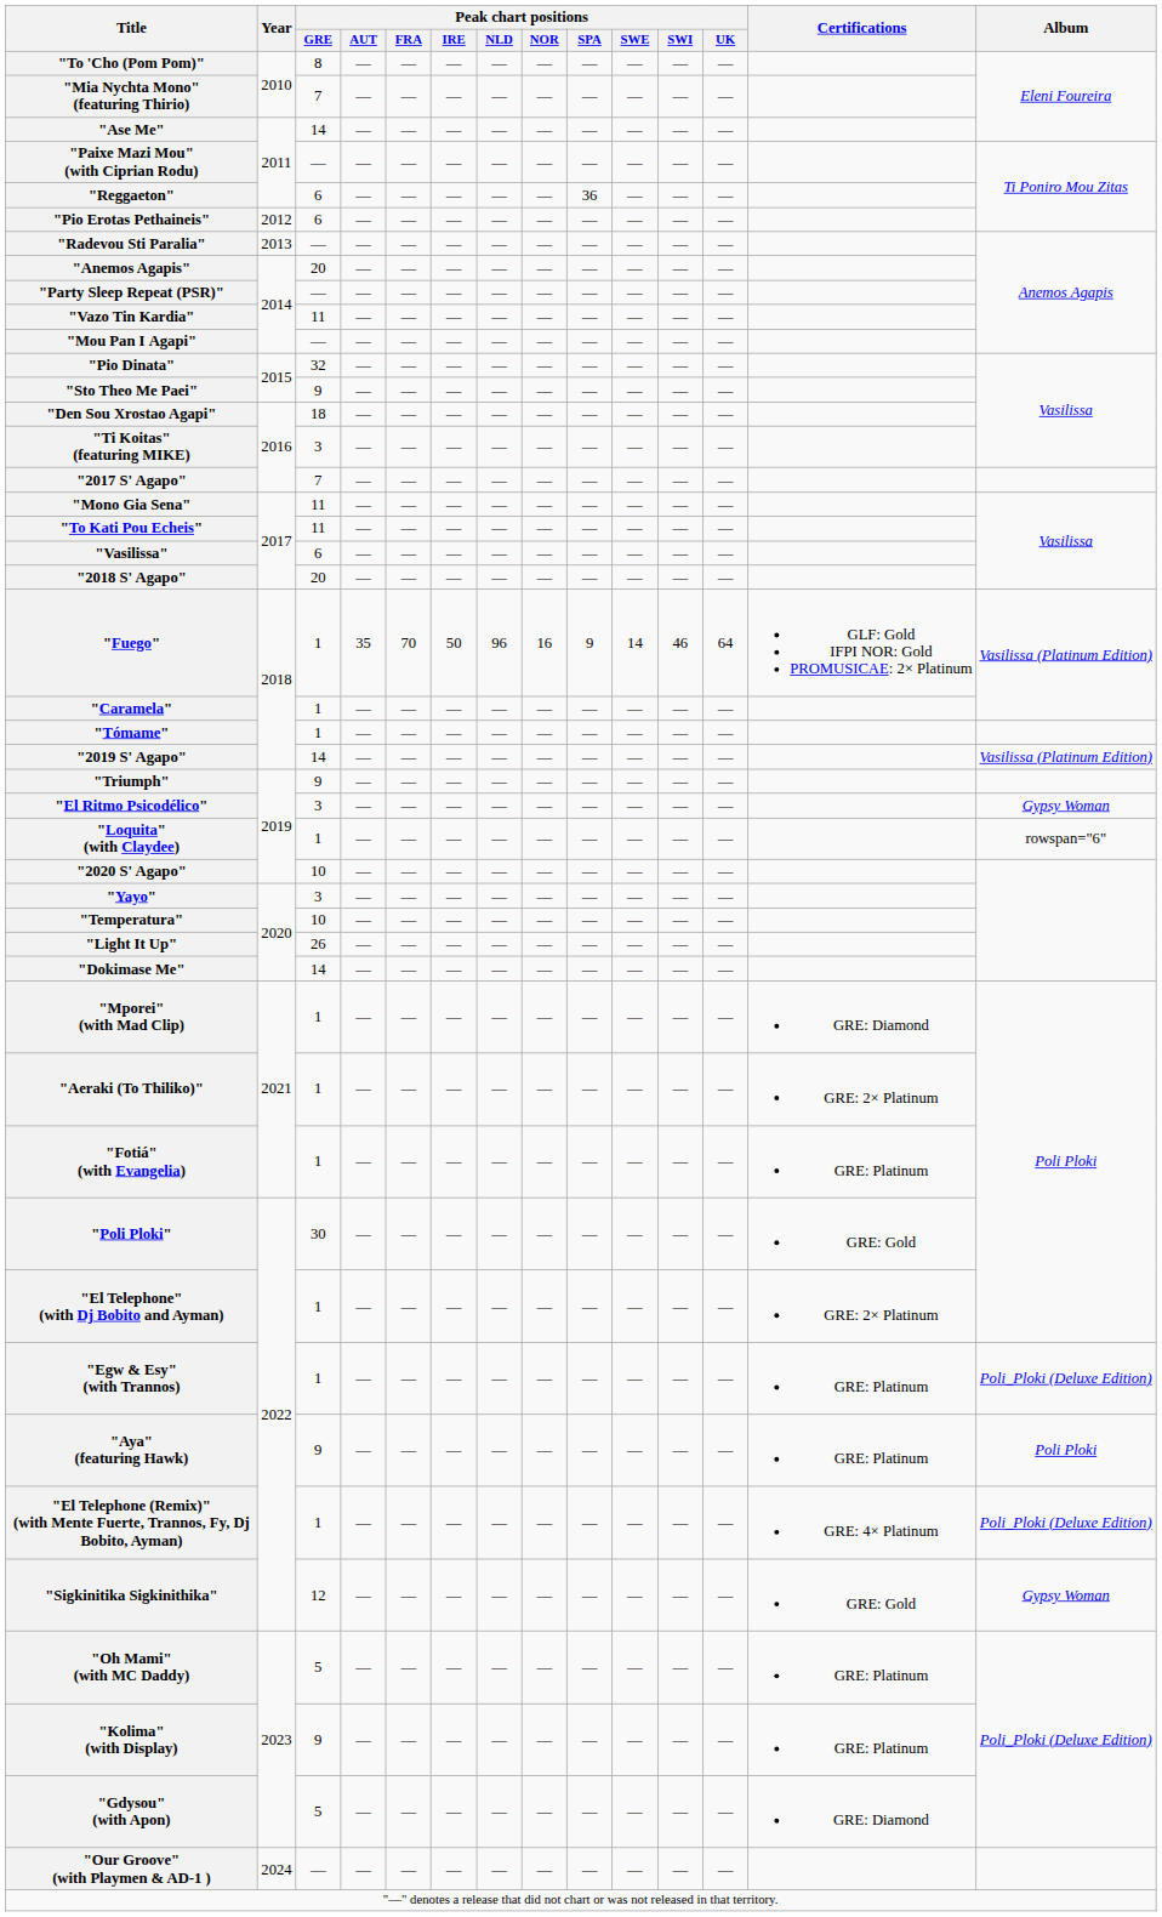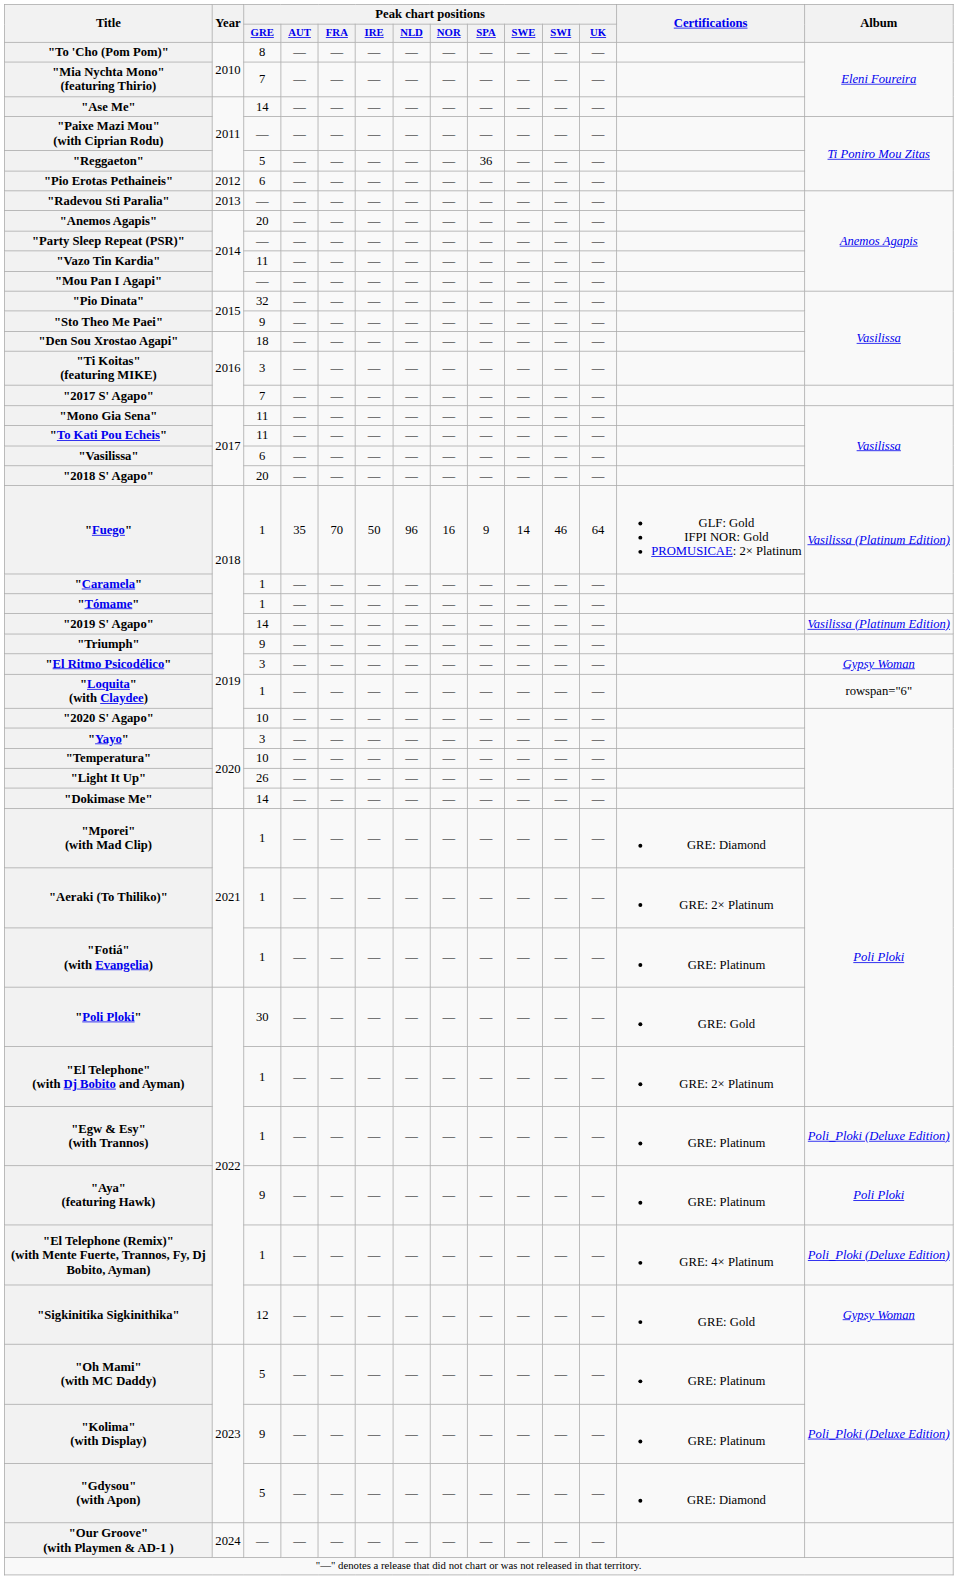 <table class="wikitable plainrowheaders" style="text-align:center;">
 <tr>
 <th scope="col" rowspan="2" style="width:16em;">Title</th>
 <th scope="col" rowspan="2" style="width:1em;">Year</th>
 <th scope="col" colspan="10">Peak chart positions</th>
 <th scope="col" rowspan="2"><a href='#'>Certifications</a></th>
 <th scope="col" rowspan="2">Album</th>
 </tr>
 <tr>
 <th scope="col" style="width:3em;font-size:85%;"><a href='#'>GRE</a><br></th>
 <th scope="col" style="width:3em;font-size:85%;"><a href='#'>AUT</a><br></th>
 <th scope="col" style="width:3em;font-size:85%;"><a href='#'>FRA</a><br></th>
 <th scope="col" style="width:3em;font-size:85%;"><a href='#'>IRE</a><br></th>
 <th scope="col" style="width:3em;font-size:85%;"><a href='#'>NLD</a><br></th>
 <th scope="col" style="width:3em;font-size:85%;"><a href='#'>NOR</a><br></th>
 <th scope="col" style="width:3em;font-size:85%;"><a href='#'>SPA</a><br></th>
 <th scope="col" style="width:3em;font-size:85%;"><a href='#'>SWE</a><br></th>
 <th scope="col" style="width:3em;font-size:85%;"><a href='#'>SWI</a><br></th>
 <th scope="col" style="width:3em;font-size:85%;"><a href='#'>UK</a><br></th>
 </tr>
 <tr>
 <th scope="row">"To 'Cho (Pom Pom)"</th>
 <td rowspan="2">2010</td>
 <td>8</td>
 <td>—</td>
 <td>—</td>
 <td>—</td>
 <td>—</td>
 <td>—</td>
 <td>—</td>
 <td>—</td>
 <td>—</td>
 <td>—</td>
 <td></td>
 <td rowspan="3"><em><a href='#'>Eleni Foureira</a></em></td>
 </tr>
 <tr>
 <th scope="row">"Mia Nychta Mono"<br><span>(featuring Thirio)</span></th>
 <td>7</td>
 <td>—</td>
 <td>—</td>
 <td>—</td>
 <td>—</td>
 <td>—</td>
 <td>—</td>
 <td>—</td>
 <td>—</td>
 <td>—</td>
 <td></td>
 </tr>
 <tr>
 <th scope="row">"Ase Me"</th>
 <td rowspan="3">2011</td>
 <td>14</td>
 <td>—</td>
 <td>—</td>
 <td>—</td>
 <td>—</td>
 <td>—</td>
 <td>—</td>
 <td>—</td>
 <td>—</td>
 <td>—</td>
 <td></td>
 </tr>
 <tr>
 <th scope="row">"Paixe Mazi Mou"<br><span>(with Ciprian Rodu)</span></th>
 <td>—</td>
 <td>—</td>
 <td>—</td>
 <td>—</td>
 <td>—</td>
 <td>—</td>
 <td>—</td>
 <td>—</td>
 <td>—</td>
 <td>—</td>
 <td></td>
 <td rowspan="3"><em><a href='#'>Ti Poniro Mou Zitas</a></em></td>
 </tr>
 <tr>
 <th scope="row">"Reggaeton"</th>
-<td>6</td>
+<td>5</td>
 <td>—</td>
 <td>—</td>
 <td>—</td>
 <td>—</td>
 <td>—</td>
 <td>36</td>
 <td>—</td>
 <td>—</td>
 <td>—</td>
 <td></td>
 </tr>
 <tr>
 <th scope="row">"Pio Erotas Pethaineis"</th>
 <td>2012</td>
 <td>6</td>
 <td>—</td>
 <td>—</td>
 <td>—</td>
 <td>—</td>
 <td>—</td>
 <td>—</td>
 <td>—</td>
 <td>—</td>
 <td>—</td>
 <td></td>
 </tr>
 <tr>
 <th scope="row">"Radevou Sti Paralia"</th>
 <td>2013</td>
 <td>—</td>
 <td>—</td>
 <td>—</td>
 <td>—</td>
 <td>—</td>
 <td>—</td>
 <td>—</td>
 <td>—</td>
 <td>—</td>
 <td>—</td>
 <td></td>
 <td rowspan="5"><em><a href='#'>Anemos Agapis</a></em></td>
 </tr>
 <tr>
 <th scope="row">"Anemos Agapis"</th>
 <td rowspan="4">2014</td>
 <td>20</td>
 <td>—</td>
 <td>—</td>
 <td>—</td>
 <td>—</td>
 <td>—</td>
 <td>—</td>
 <td>—</td>
 <td>—</td>
 <td>—</td>
 <td></td>
 </tr>
 <tr>
 <th scope="row">"Party Sleep Repeat (PSR)"</th>
 <td>—</td>
 <td>—</td>
 <td>—</td>
 <td>—</td>
 <td>—</td>
 <td>—</td>
 <td>—</td>
 <td>—</td>
 <td>—</td>
 <td>—</td>
 <td></td>
 </tr>
 <tr>
 <th scope="row">"Vazo Tin Kardia"</th>
 <td>11</td>
 <td>—</td>
 <td>—</td>
 <td>—</td>
 <td>—</td>
 <td>—</td>
 <td>—</td>
 <td>—</td>
 <td>—</td>
 <td>—</td>
 <td></td>
 </tr>
 <tr>
 <th scope="row">"Mou Pan Ι Agapi"</th>
 <td>—</td>
 <td>—</td>
 <td>—</td>
 <td>—</td>
 <td>—</td>
 <td>—</td>
 <td>—</td>
 <td>—</td>
 <td>—</td>
 <td>—</td>
 <td></td>
 </tr>
 <tr>
 <th scope="row">"Pio Dinata"</th>
 <td rowspan="2">2015</td>
 <td>32</td>
 <td>—</td>
 <td>—</td>
 <td>—</td>
 <td>—</td>
 <td>—</td>
 <td>—</td>
 <td>—</td>
 <td>—</td>
 <td>—</td>
 <td></td>
 <td rowspan="4"><em><a href='#'>Vasilissa</a></em></td>
 </tr>
 <tr>
 <th scope="row">"Sto Theo Me Paei"</th>
 <td>9</td>
 <td>—</td>
 <td>—</td>
 <td>—</td>
 <td>—</td>
 <td>—</td>
 <td>—</td>
 <td>—</td>
 <td>—</td>
 <td>—</td>
 <td></td>
 </tr>
 <tr>
 <th scope="row">"Den Sou Xrostao Agapi"</th>
 <td rowspan="3">2016</td>
 <td>18</td>
 <td>—</td>
 <td>—</td>
 <td>—</td>
 <td>—</td>
 <td>—</td>
 <td>—</td>
 <td>—</td>
 <td>—</td>
 <td>—</td>
 <td></td>
 </tr>
 <tr>
 <th scope="row">"Ti Koitas"<br><span>(featuring MIKE)</span></th>
 <td>3</td>
 <td>—</td>
 <td>—</td>
 <td>—</td>
 <td>—</td>
 <td>—</td>
 <td>—</td>
 <td>—</td>
 <td>—</td>
 <td>—</td>
 <td></td>
 </tr>
 <tr>
 <th scope="row">"2017 S' Agapo"</th>
 <td>7</td>
 <td>—</td>
 <td>—</td>
 <td>—</td>
 <td>—</td>
 <td>—</td>
 <td>—</td>
 <td>—</td>
 <td>—</td>
 <td>—</td>
 <td></td>
 <td></td>
 </tr>
 <tr>
 <th scope="row">"Mono Gia Sena"</th>
 <td rowspan="4">2017</td>
 <td>11</td>
 <td>—</td>
 <td>—</td>
 <td>—</td>
 <td>—</td>
 <td>—</td>
 <td>—</td>
 <td>—</td>
 <td>—</td>
 <td>—</td>
 <td></td>
 <td rowspan="4"><em><a href='#'>Vasilissa</a></em></td>
 </tr>
 <tr>
 <th scope="row">"<a href='#'>To Kati Pou Echeis</a>"</th>
 <td>11</td>
 <td>—</td>
 <td>—</td>
 <td>—</td>
 <td>—</td>
 <td>—</td>
 <td>—</td>
 <td>—</td>
 <td>—</td>
 <td>—</td>
 <td></td>
 </tr>
 <tr>
 <th scope="row">"Vasilissa"</th>
 <td>6</td>
 <td>—</td>
 <td>—</td>
 <td>—</td>
 <td>—</td>
 <td>—</td>
 <td>—</td>
 <td>—</td>
 <td>—</td>
 <td>—</td>
 <td></td>
 </tr>
 <tr>
 <th scope="row">"2018 S' Agapo"</th>
 <td>20</td>
 <td>—</td>
 <td>—</td>
 <td>—</td>
 <td>—</td>
 <td>—</td>
 <td>—</td>
 <td>—</td>
 <td>—</td>
 <td>—</td>
 <td></td>
 </tr>
 <tr>
 <th scope="row">"<a href='#'>Fuego</a>"</th>
 <td rowspan="4">2018</td>
 <td>1</td>
 <td>35</td>
 <td>70</td>
 <td>50</td>
 <td>96</td>
 <td>16</td>
 <td>9</td>
 <td>14</td>
 <td>46</td>
 <td>64</td>
 <td><br><ul><li>GLF: Gold</li><li>IFPI NOR: Gold</li><li><a href='#'>PROMUSICAE</a>: 2× Platinum</li></ul></td>
 <td rowspan="2"><em><a href='#'>Vasilissa (Platinum Edition)</a></em></td>
 </tr>
 <tr>
 <th scope="row">"<a href='#'>Caramela</a>"</th>
 <td>1</td>
 <td>—</td>
 <td>—</td>
 <td>—</td>
 <td>—</td>
 <td>—</td>
 <td>—</td>
 <td>—</td>
 <td>—</td>
 <td>—</td>
 <td></td>
 </tr>
 <tr>
 <th scope="row">"<a href='#'>Tómame</a>"</th>
 <td>1</td>
 <td>—</td>
 <td>—</td>
 <td>—</td>
 <td>—</td>
 <td>—</td>
 <td>—</td>
 <td>—</td>
 <td>—</td>
 <td>—</td>
 <td></td>
 <td></td>
 </tr>
 <tr>
 <th scope="row">"2019 S' Agapo"</th>
 <td>14</td>
 <td>—</td>
 <td>—</td>
 <td>—</td>
 <td>—</td>
 <td>—</td>
 <td>—</td>
 <td>—</td>
 <td>—</td>
 <td>—</td>
 <td></td>
 <td><em><a href='#'>Vasilissa (Platinum Edition)</a></em></td>
 </tr>
 <tr>
 <th scope="row">"Triumph"</th>
 <td rowspan="4">2019</td>
 <td>9</td>
 <td>—</td>
 <td>—</td>
 <td>—</td>
 <td>—</td>
 <td>—</td>
 <td>—</td>
 <td>—</td>
 <td>—</td>
 <td>—</td>
 <td></td>
 <td></td>
 </tr>
 <tr>
 <th scope="row">"<a href='#'>El Ritmo Psicodélico</a>"</th>
 <td>3</td>
 <td>—</td>
 <td>—</td>
 <td>—</td>
 <td>—</td>
 <td>—</td>
 <td>—</td>
 <td>—</td>
 <td>—</td>
 <td>—</td>
 <td></td>
 <td><em><a href='#'>Gypsy Woman</a></em></td>
 </tr>
 <tr>
 <th scope="row">"<a href='#'>Loquita</a>"<br><span>(with <a href='#'>Claydee</a>)</span></th>
 <td>1</td>
 <td>—</td>
 <td>—</td>
 <td>—</td>
 <td>—</td>
 <td>—</td>
 <td>—</td>
 <td>—</td>
 <td>—</td>
 <td>—</td>
 <td></td>
 <td>rowspan="6" </td>
 </tr>
 <tr>
 <th scope="row">"2020 S' Agapo"</th>
 <td>10</td>
 <td>—</td>
 <td>—</td>
 <td>—</td>
 <td>—</td>
 <td>—</td>
 <td>—</td>
 <td>—</td>
 <td>—</td>
 <td>—</td>
 <td></td>
 </tr>
 <tr>
 <th scope="row">"<a href='#'>Yayo</a>"</th>
 <td rowspan="4">2020</td>
 <td>3</td>
 <td>—</td>
 <td>—</td>
 <td>—</td>
 <td>—</td>
 <td>—</td>
 <td>—</td>
 <td>—</td>
 <td>—</td>
 <td>—</td>
 <td></td>
 </tr>
 <tr>
 <th scope="row">"Temperatura"</th>
 <td>10</td>
 <td>—</td>
 <td>—</td>
 <td>—</td>
 <td>—</td>
 <td>—</td>
 <td>—</td>
 <td>—</td>
 <td>—</td>
 <td>—</td>
 <td></td>
 </tr>
 <tr>
 <th scope="row">"Light It Up"</th>
 <td>26</td>
 <td>—</td>
 <td>—</td>
 <td>—</td>
 <td>—</td>
 <td>—</td>
 <td>—</td>
 <td>—</td>
 <td>—</td>
 <td>—</td>
 <td></td>
 </tr>
 <tr>
 <th scope="row">"Dokimase Me"</th>
 <td>14</td>
 <td>—</td>
 <td>—</td>
 <td>—</td>
 <td>—</td>
 <td>—</td>
 <td>—</td>
 <td>—</td>
 <td>—</td>
 <td>—</td>
 <td></td>
 </tr>
 <tr>
 <th scope="row">"Mporei"<br><span>(with Mad Clip)</span></th>
 <td rowspan="3">2021</td>
 <td>1</td>
 <td>—</td>
 <td>—</td>
 <td>—</td>
 <td>—</td>
 <td>—</td>
 <td>—</td>
 <td>—</td>
 <td>—</td>
 <td>—</td>
 <td><br><ul><li>GRE: Diamond</li></ul></td>
 <td rowspan="5"><em><a href='#'>Poli Ploki</a></em></td>
 </tr>
 <tr>
 <th scope="row">"Aeraki (To Thiliko)"</th>
 <td>1</td>
 <td>—</td>
 <td>—</td>
 <td>—</td>
 <td>—</td>
 <td>—</td>
 <td>—</td>
 <td>—</td>
 <td>—</td>
 <td>—</td>
 <td><br><ul><li>GRE: 2× Platinum</li></ul></td>
 </tr>
 <tr>
 <th scope="row">"Fotiá"<br><span>(with <a href='#'>Evangelia</a>)</span></th>
 <td>1</td>
 <td>—</td>
 <td>—</td>
 <td>—</td>
 <td>—</td>
 <td>—</td>
 <td>—</td>
 <td>—</td>
 <td>—</td>
 <td>—</td>
 <td><br><ul><li>GRE: Platinum</li></ul></td>
 </tr>
 <tr>
 <th scope="row">"<a href='#'>Poli Ploki</a>"</th>
 <td rowspan="6">2022</td>
 <td>30</td>
 <td>—</td>
 <td>—</td>
 <td>—</td>
 <td>—</td>
 <td>—</td>
 <td>—</td>
 <td>—</td>
 <td>—</td>
 <td>—</td>
 <td><br><ul><li>GRE: Gold</li></ul></td>
 </tr>
 <tr>
 <th scope="row">"El Telephone"<br><span>(with <a href='#'>Dj Bobito</a> and Ayman)</span></th>
 <td>1</td>
 <td>—</td>
 <td>—</td>
 <td>—</td>
 <td>—</td>
 <td>—</td>
 <td>—</td>
 <td>—</td>
 <td>—</td>
 <td>—</td>
 <td><br><ul><li>GRE: 2× Platinum</li></ul></td>
 </tr>
 <tr>
 <th scope="row">"Egw & Esy"<br><span>(with Trannos)</span></th>
 <td>1</td>
 <td>—</td>
 <td>—</td>
 <td>—</td>
 <td>—</td>
 <td>—</td>
 <td>—</td>
 <td>—</td>
 <td>—</td>
 <td>—</td>
 <td><br><ul><li>GRE: Platinum</li></ul></td>
 <td><em><a href='#'>Poli_Ploki (Deluxe Edition)</a></em></td>
 </tr>
 <tr>
 <th scope="row">"Aya"<br><span>(featuring Hawk)</span></th>
 <td>9</td>
 <td>—</td>
 <td>—</td>
 <td>—</td>
 <td>—</td>
 <td>—</td>
 <td>—</td>
 <td>—</td>
 <td>—</td>
 <td>—</td>
 <td><br><ul><li>GRE: Platinum</li></ul></td>
 <td><em><a href='#'>Poli Ploki</a></em></td>
 </tr>
 <tr>
 <th scope="row">"El Telephone (Remix)"<br><span>(with Mente Fuerte, Trannos, Fy, Dj Bobito, Ayman)</span></th>
 <td>1</td>
 <td>—</td>
 <td>—</td>
 <td>—</td>
 <td>—</td>
 <td>—</td>
 <td>—</td>
 <td>—</td>
 <td>—</td>
 <td>—</td>
 <td><br><ul><li>GRE: 4× Platinum</li></ul></td>
 <td><em><a href='#'>Poli_Ploki (Deluxe Edition)</a></em></td>
 </tr>
 <tr>
 <th scope="row">"Sigkinitika Sigkinithika"</th>
 <td>12</td>
 <td>—</td>
 <td>—</td>
 <td>—</td>
 <td>—</td>
 <td>—</td>
 <td>—</td>
 <td>—</td>
 <td>—</td>
 <td>—</td>
 <td><br><ul><li>GRE: Gold</li></ul></td>
 <td><em><a href='#'>Gypsy Woman</a></em></td>
 </tr>
 <tr>
 <th scope="row">"Oh Mami"<br><span>(with MC Daddy)</span></th>
 <td rowspan="3">2023</td>
 <td>5</td>
 <td>—</td>
 <td>—</td>
 <td>—</td>
 <td>—</td>
 <td>—</td>
 <td>—</td>
 <td>—</td>
 <td>—</td>
 <td>—</td>
 <td><br><ul><li>GRE: Platinum</li></ul></td>
 <td rowspan="3"><em><a href='#'>Poli_Ploki (Deluxe Edition)</a></em></td>
 </tr>
 <tr>
 <th scope="row">"Kolima"<br><span>(with Display)</span></th>
 <td>9</td>
 <td>—</td>
 <td>—</td>
 <td>—</td>
 <td>—</td>
 <td>—</td>
 <td>—</td>
 <td>—</td>
 <td>—</td>
 <td>—</td>
 <td><br><ul><li>GRE: Platinum</li></ul></td>
 </tr>
 <tr>
 <th scope="row">"Gdysou"<br><span>(with Apon)</span></th>
 <td>5</td>
 <td>—</td>
 <td>—</td>
 <td>—</td>
 <td>—</td>
 <td>—</td>
 <td>—</td>
 <td>—</td>
 <td>—</td>
 <td>—</td>
 <td><br><ul><li>GRE: Diamond</li></ul></td>
 </tr>
 <tr>
 <th scope="row">"Our Groove" <br><span>(with Playmen & AD-1 )</span></th>
 <td>2024</td>
 <td>—</td>
 <td>—</td>
 <td>—</td>
 <td>—</td>
 <td>—</td>
 <td>—</td>
 <td>—</td>
 <td>—</td>
 <td>—</td>
 <td>—</td>
 <td></td>
 <td></td>
 </tr>
 <tr>
 <td colspan="14" style="font-size:85%">"—" denotes a release that did not chart or was not released in that territory.</td>
 </tr>
 </table>
